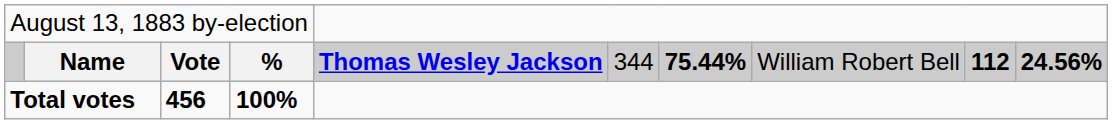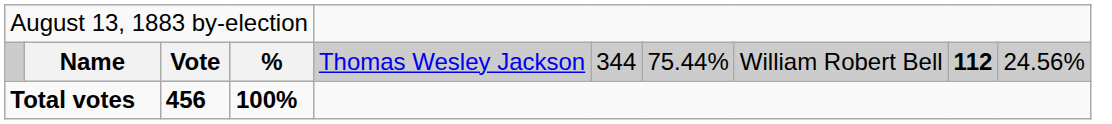 <table class="wikitable">
 <tr>
 <td colspan=4 align=center>August 13, 1883 by-election</td>
 </tr>
 <tr bgcolor="CCCCCC">
 <td></td>
 <th>Name</th>
 <th>Vote</th>
 <th>%<br></th>
-<td><strong><a href='#'>Thomas Wesley Jackson</a></strong></td>
+<td><a href='#'>Thomas Wesley Jackson</a></td>
 <td>344</td>
-<td><strong>75.44%<br></strong></td>
+<td>75.44%<br></td>
 <td>William Robert Bell</td>
 <td><strong>112</strong></td>
-<td><strong>24.56%</strong></td>
+<td>24.56%</td>
 </tr>
 <tr>
 <td colspan=2><strong>Total votes</strong></td>
 <td><strong>456</strong></td>
 <td><strong>100%</strong></td>
 </tr>
 </table>
